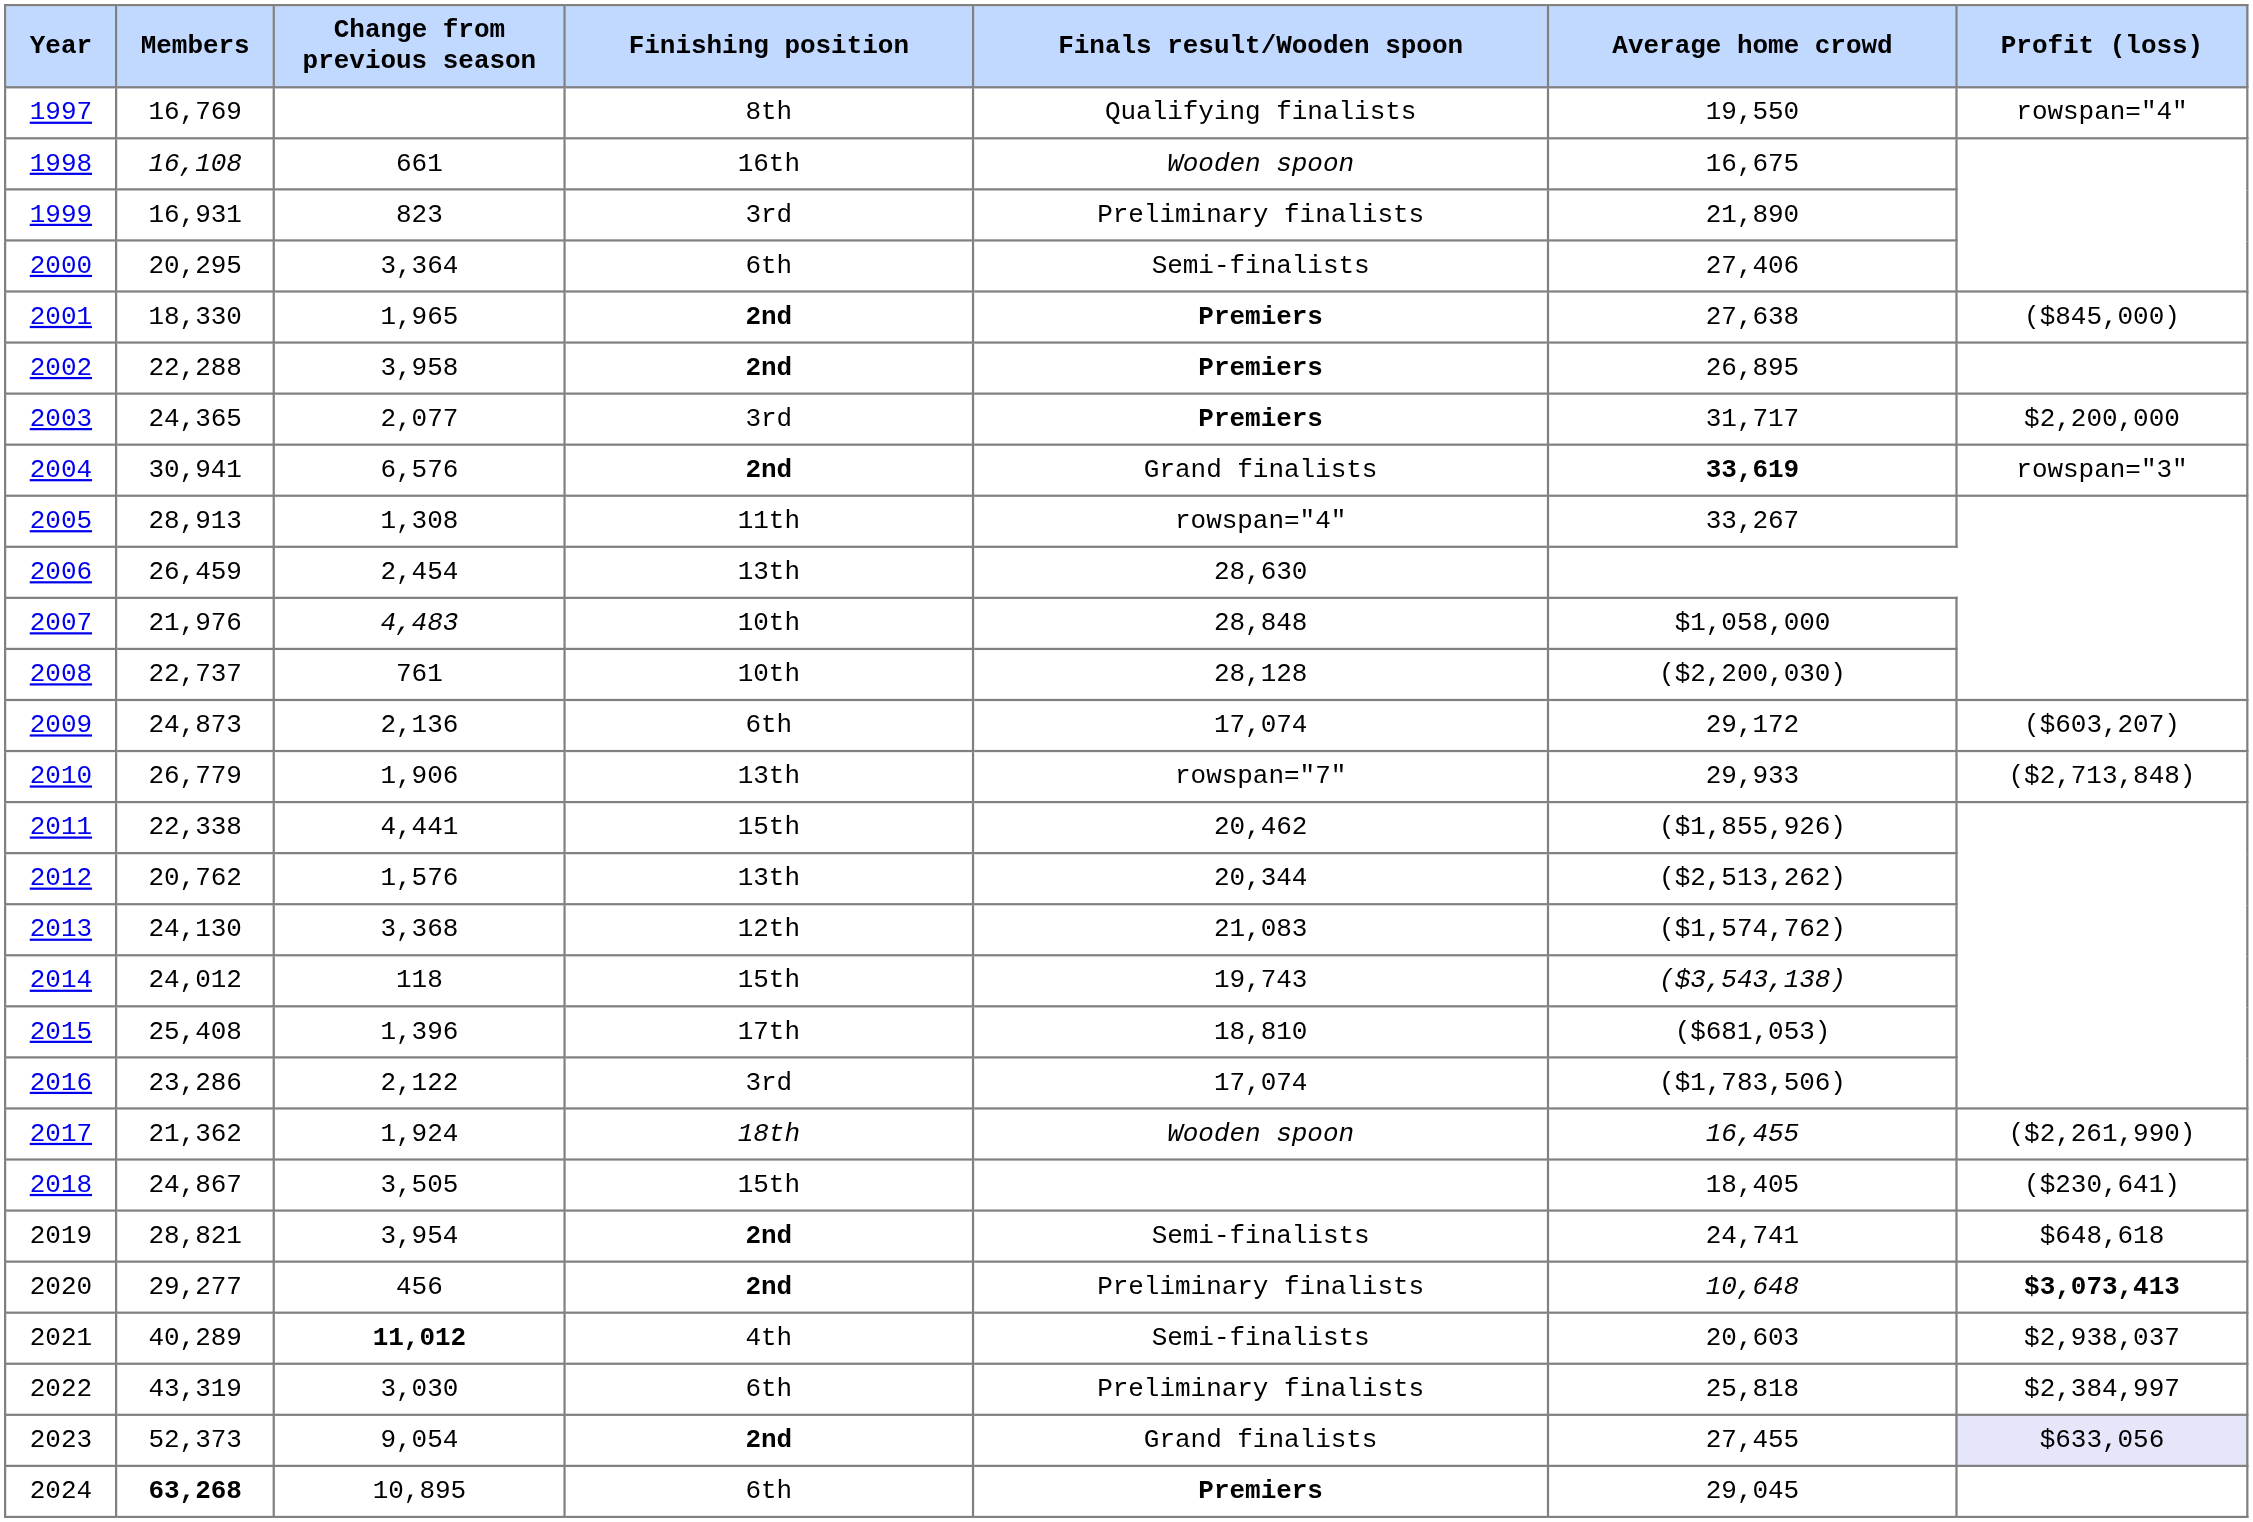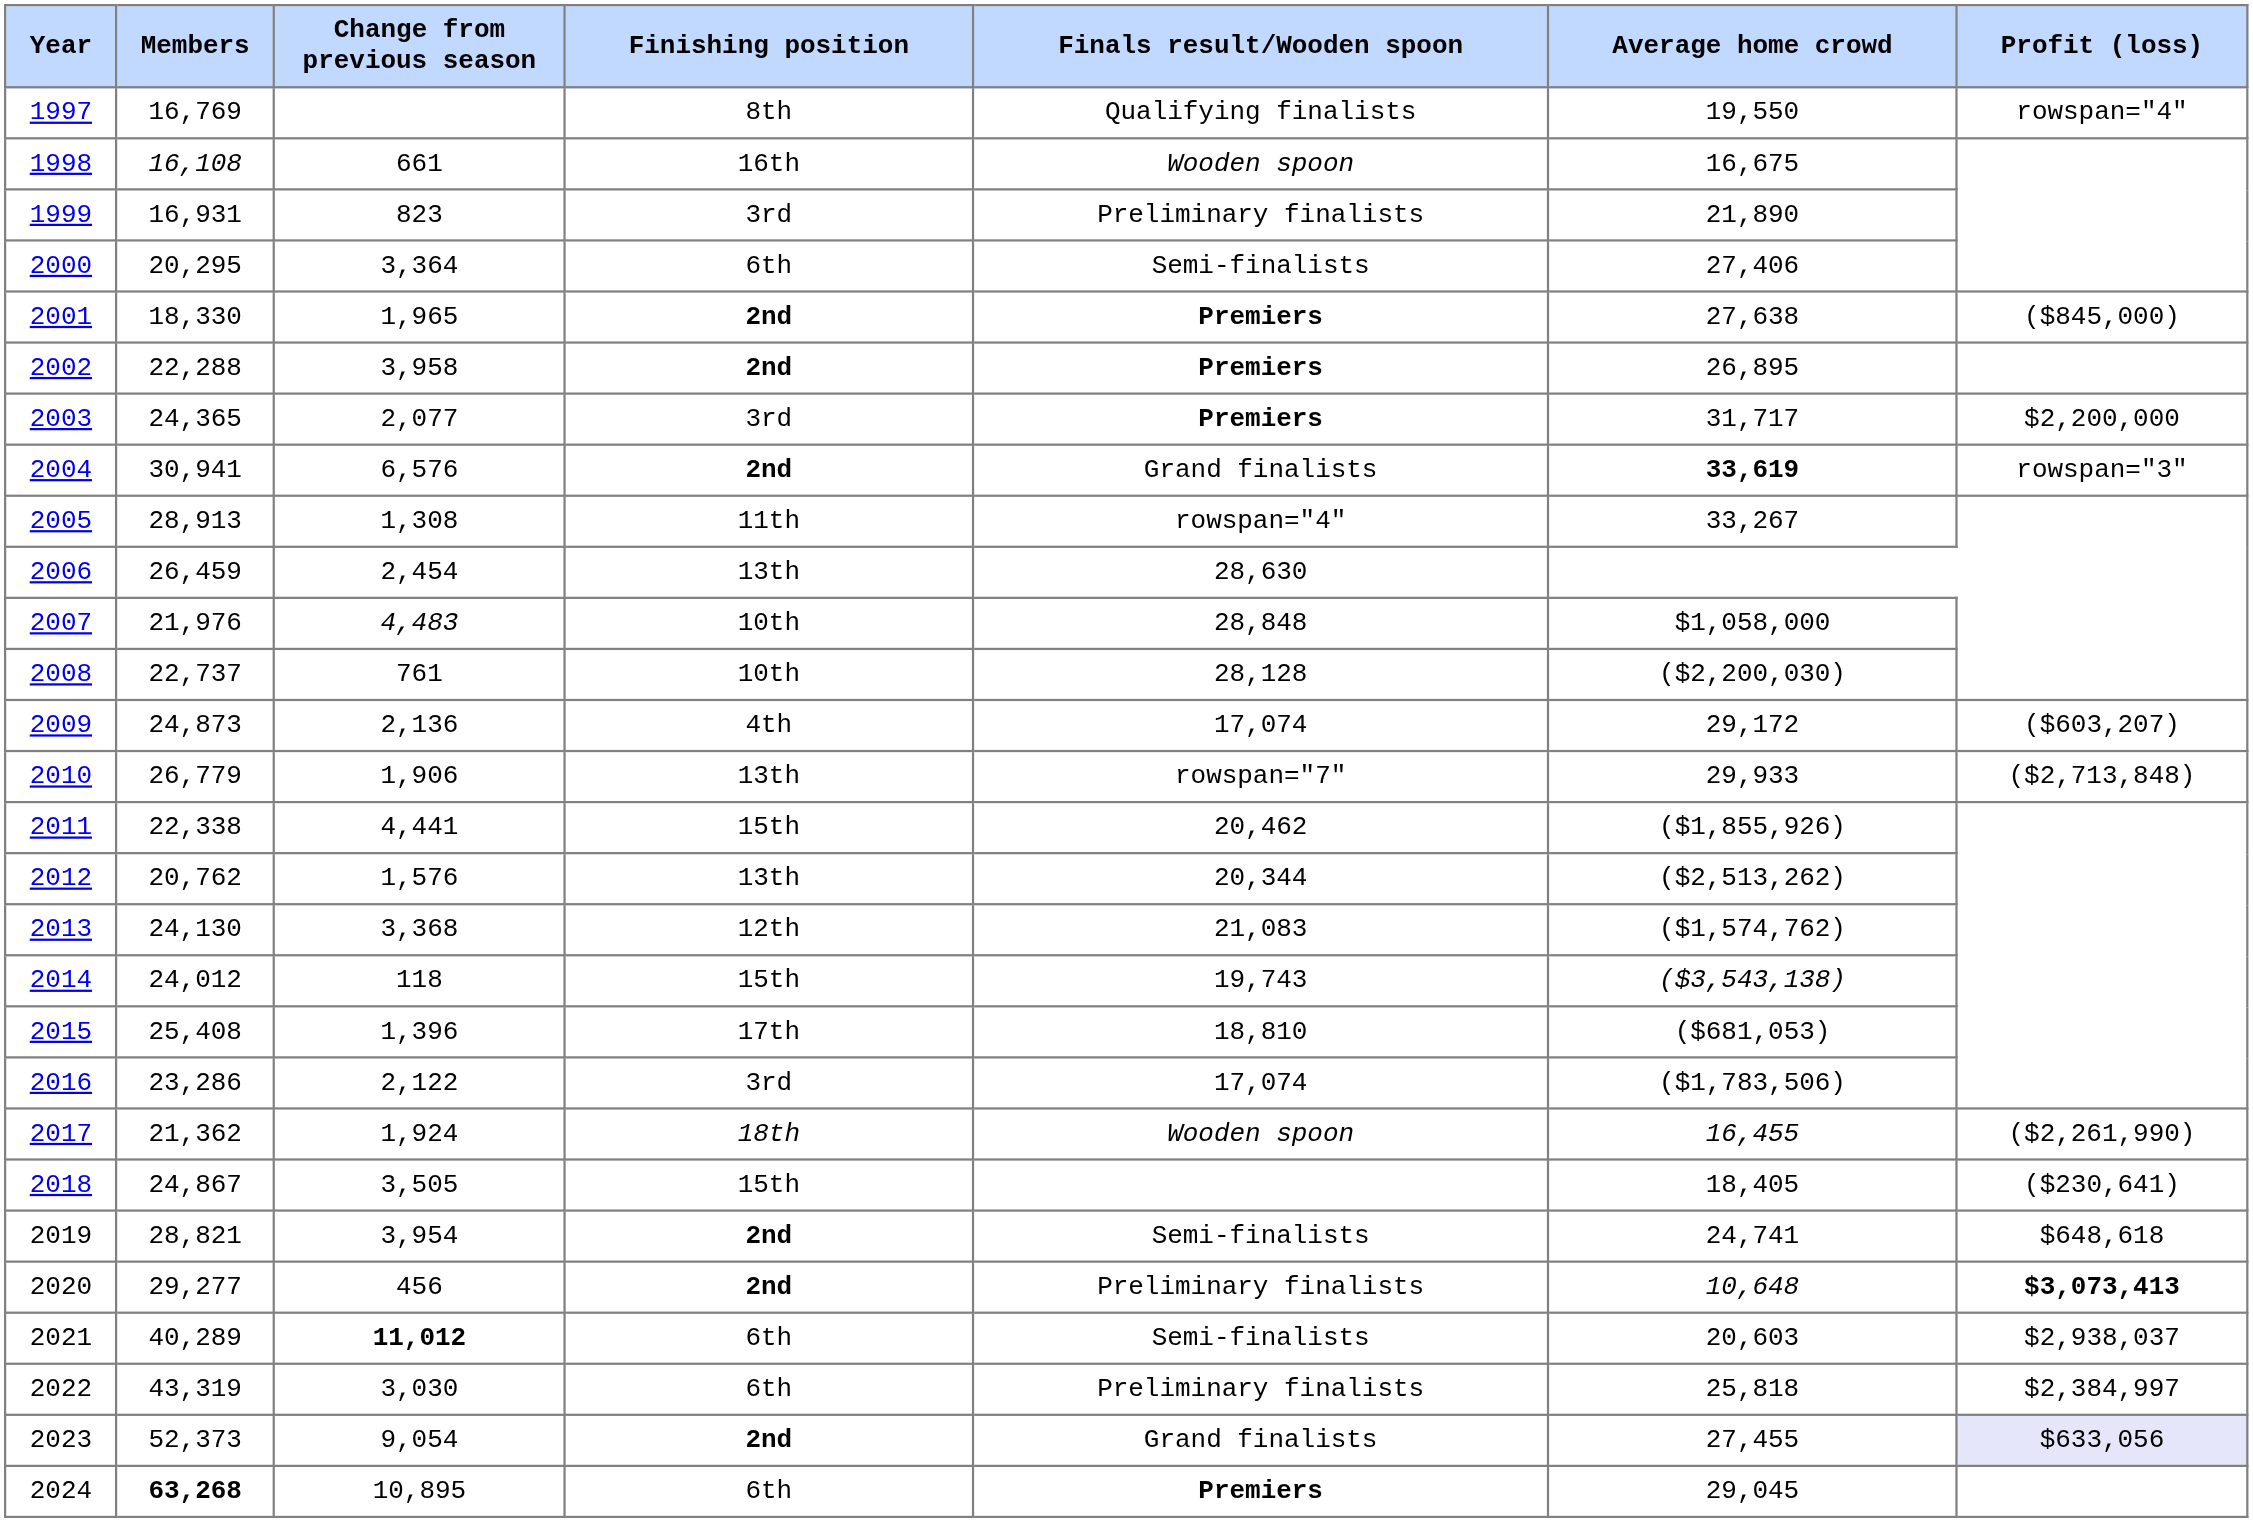 <table border="1" cellpadding="4" cellspacing="0"  style="text-align:center; font-size:90%; border-collapse:collapse; width:80%;">
 <tr style="background:#C1D8FF;">
 <th>Year</th>
 <th style="width:7%;">Members<br></th>
 <th style="width:13%;">Change from previous season</th>
 <th>Finishing position</th>
 <th>Finals result/Wooden spoon</th>
 <th>Average home crowd<br></th>
 <th style="width:13%;">Profit (loss)</th>
 </tr>
 <tr>
 <td><a href='#'>1997</a></td>
 <td>16,769</td>
 <td></td>
 <td>8th</td>
 <td>Qualifying finalists</td>
 <td>19,550</td>
 <td>rowspan="4" </td>
 </tr>
 <tr>
 <td><a href='#'>1998</a></td>
 <td><em>16,108</em></td>
 <td> 661</td>
 <td>16th</td>
 <td><em>Wooden spoon</em></td>
 <td>16,675</td>
 </tr>
 <tr>
 <td><a href='#'>1999</a></td>
 <td>16,931</td>
 <td> 823</td>
 <td>3rd</td>
 <td>Preliminary finalists</td>
 <td>21,890</td>
 </tr>
 <tr>
 <td><a href='#'>2000</a></td>
 <td>20,295</td>
 <td> 3,364</td>
 <td>6th</td>
 <td>Semi-finalists</td>
 <td>27,406</td>
 </tr>
 <tr>
 <td><a href='#'>2001</a></td>
 <td>18,330</td>
 <td> 1,965</td>
 <td><strong>2nd</strong></td>
 <td><strong>Premiers</strong></td>
 <td>27,638</td>
 <td>($845,000)</td>
 </tr>
 <tr>
 <td><a href='#'>2002</a></td>
 <td>22,288</td>
 <td> 3,958</td>
 <td><strong>2nd</strong></td>
 <td><strong>Premiers</strong></td>
 <td>26,895</td>
 <td></td>
 </tr>
 <tr>
 <td><a href='#'>2003</a></td>
 <td>24,365</td>
 <td> 2,077</td>
 <td>3rd</td>
 <td><strong>Premiers</strong></td>
 <td>31,717</td>
 <td>$2,200,000</td>
 </tr>
 <tr>
 <td><a href='#'>2004</a></td>
 <td>30,941</td>
 <td> 6,576</td>
 <td><strong>2nd</strong></td>
 <td>Grand finalists</td>
 <td><strong>33,619</strong></td>
 <td>rowspan="3" </td>
 </tr>
 <tr>
 <td><a href='#'>2005</a></td>
 <td>28,913</td>
 <td> 1,308</td>
 <td>11th</td>
 <td>rowspan="4" </td>
 <td>33,267</td>
 </tr>
 <tr>
 <td><a href='#'>2006</a></td>
 <td>26,459</td>
 <td> 2,454</td>
 <td>13th</td>
 <td>28,630</td>
 </tr>
 <tr>
 <td><a href='#'>2007</a></td>
 <td>21,976</td>
 <td> <em>4,483</em></td>
 <td>10th</td>
 <td>28,848</td>
 <td>$1,058,000</td>
 </tr>
 <tr>
 <td><a href='#'>2008</a></td>
 <td>22,737</td>
 <td> 761</td>
 <td>10th</td>
 <td>28,128</td>
 <td>($2,200,030)</td>
 </tr>
 <tr>
 <td><a href='#'>2009</a></td>
 <td>24,873</td>
 <td> 2,136</td>
-<td>6th</td>
+<td>4th</td>
 <td>17,074</td>
 <td>29,172</td>
 <td>($603,207)</td>
 </tr>
 <tr>
 <td><a href='#'>2010</a></td>
 <td>26,779</td>
 <td> 1,906</td>
 <td>13th</td>
 <td>rowspan="7" </td>
 <td>29,933</td>
 <td>($2,713,848)</td>
 </tr>
 <tr>
 <td><a href='#'>2011</a></td>
 <td>22,338</td>
 <td> 4,441</td>
 <td>15th</td>
 <td>20,462</td>
 <td>($1,855,926)</td>
 </tr>
 <tr>
 <td><a href='#'>2012</a></td>
 <td>20,762</td>
 <td> 1,576</td>
 <td>13th</td>
 <td>20,344</td>
 <td>($2,513,262)</td>
 </tr>
 <tr>
 <td><a href='#'>2013</a></td>
 <td>24,130</td>
 <td> 3,368</td>
 <td>12th</td>
 <td>21,083</td>
 <td>($1,574,762)</td>
 </tr>
 <tr>
 <td><a href='#'>2014</a></td>
 <td>24,012</td>
 <td> 118</td>
 <td>15th</td>
 <td>19,743</td>
 <td><em>($3,543,138)</em></td>
 </tr>
 <tr>
 <td><a href='#'>2015</a></td>
 <td>25,408</td>
 <td> 1,396</td>
 <td>17th</td>
 <td>18,810</td>
 <td>($681,053)</td>
 </tr>
 <tr>
 <td><a href='#'>2016</a></td>
 <td>23,286</td>
 <td> 2,122</td>
 <td>3rd</td>
 <td>17,074</td>
 <td>($1,783,506)</td>
 </tr>
 <tr>
 <td><a href='#'>2017</a></td>
 <td>21,362</td>
 <td> 1,924</td>
 <td><em>18th</em></td>
 <td><em>Wooden spoon</em></td>
 <td><em>16,455</em></td>
 <td>($2,261,990)</td>
 </tr>
 <tr>
 <td><a href='#'>2018</a></td>
 <td>24,867</td>
 <td> 3,505</td>
 <td>15th</td>
 <td></td>
 <td>18,405</td>
 <td>($230,641)</td>
 </tr>
 <tr>
 <td>2019</td>
 <td>28,821</td>
 <td> 3,954</td>
 <td><strong>2nd</strong></td>
 <td>Semi-finalists</td>
 <td>24,741</td>
 <td>$648,618 </td>
 </tr>
 <tr>
 <td>2020</td>
 <td>29,277</td>
 <td> 456</td>
 <td><strong>2nd</strong></td>
 <td>Preliminary finalists</td>
 <td><em>10,648</em></td>
 <td><strong>$3,073,413</strong></td>
 </tr>
 <tr>
 <td>2021</td>
 <td>40,289</td>
 <td> <strong>11,012</strong></td>
-<td>4th</td>
+<td>6th</td>
 <td>Semi-finalists</td>
 <td>20,603</td>
 <td>$2,938,037 </td>
 </tr>
 <tr>
 <td>2022</td>
 <td>43,319</td>
 <td> 3,030</td>
 <td>6th</td>
 <td>Preliminary finalists</td>
 <td>25,818</td>
 <td>$2,384,997</td>
 </tr>
 <tr>
 <td>2023</td>
 <td>52,373</td>
 <td> 9,054</td>
 <td><strong>2nd</strong></td>
 <td>Grand finalists</td>
 <td>27,455</td>
 <td style="background: lavender;">$633,056</td>
 </tr>
 <tr>
 <td>2024</td>
 <td><strong>63,268</strong></td>
 <td> 10,895</td>
 <td>6th</td>
 <td><strong>Premiers</strong></td>
 <td>29,045</td>
 <td></td>
 </tr>
 </table>
